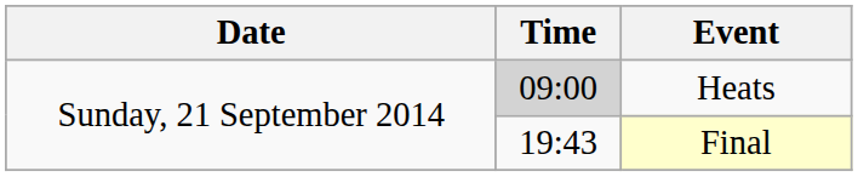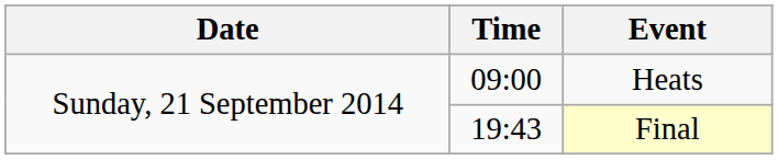 <table class = "wikitable" style="text-align:center;">
 <tr>
 <th width=220>Date</th>
 <th width=50>Time</th>
 <th width=100>Event</th>
 </tr>
 <tr>
 <td rowspan=2>Sunday, 21 September 2014</td>
-<td style="background: lightgrey;">09:00</td>
+<td>09:00</td>
 <td>Heats</td>
 </tr>
 <tr>
 <td>19:43</td>
 <td bgcolor=ffffcc>Final</td>
 </tr>
 </table>
